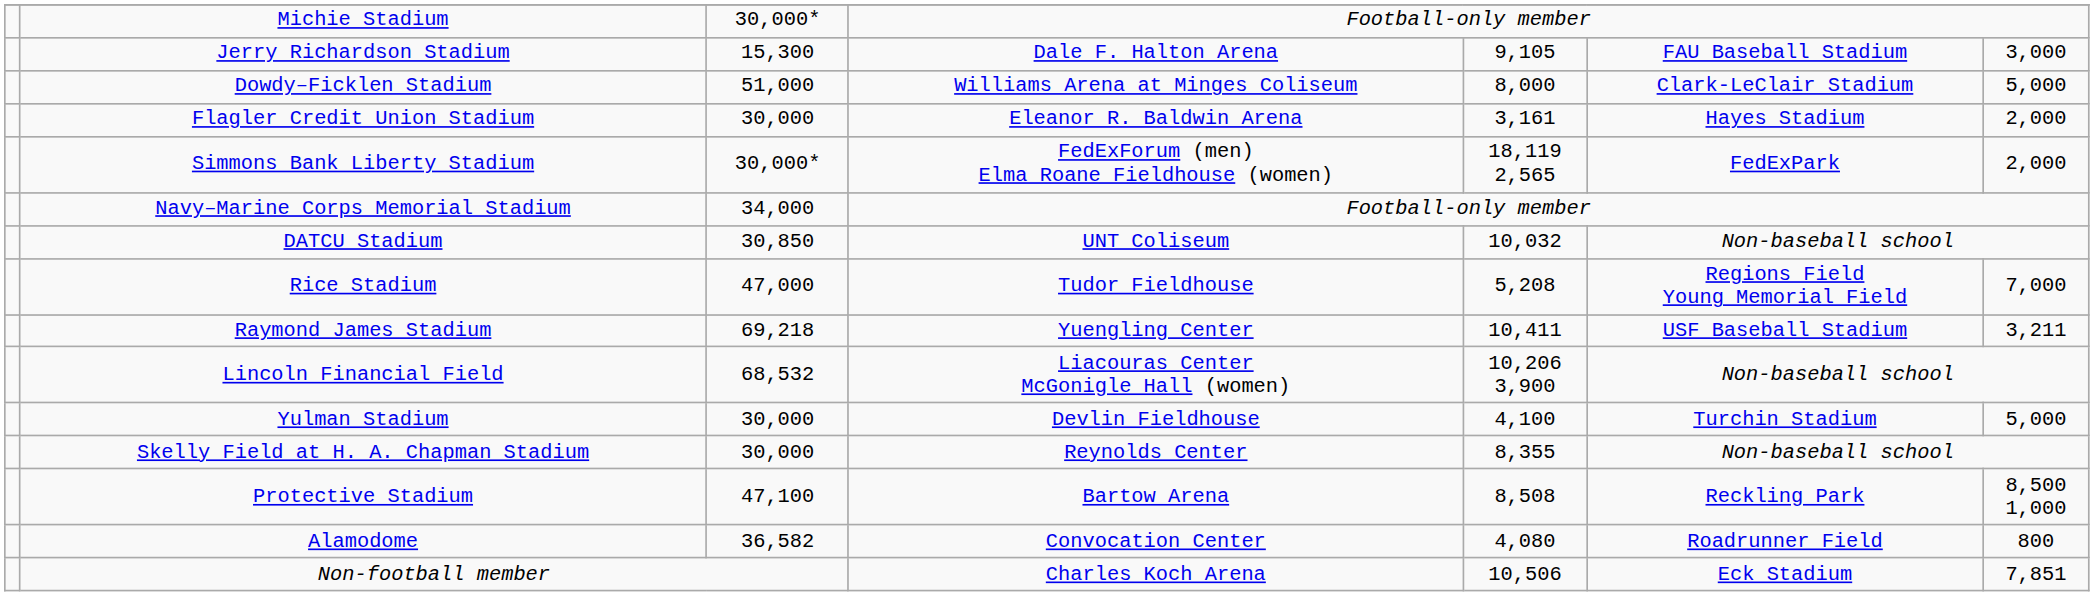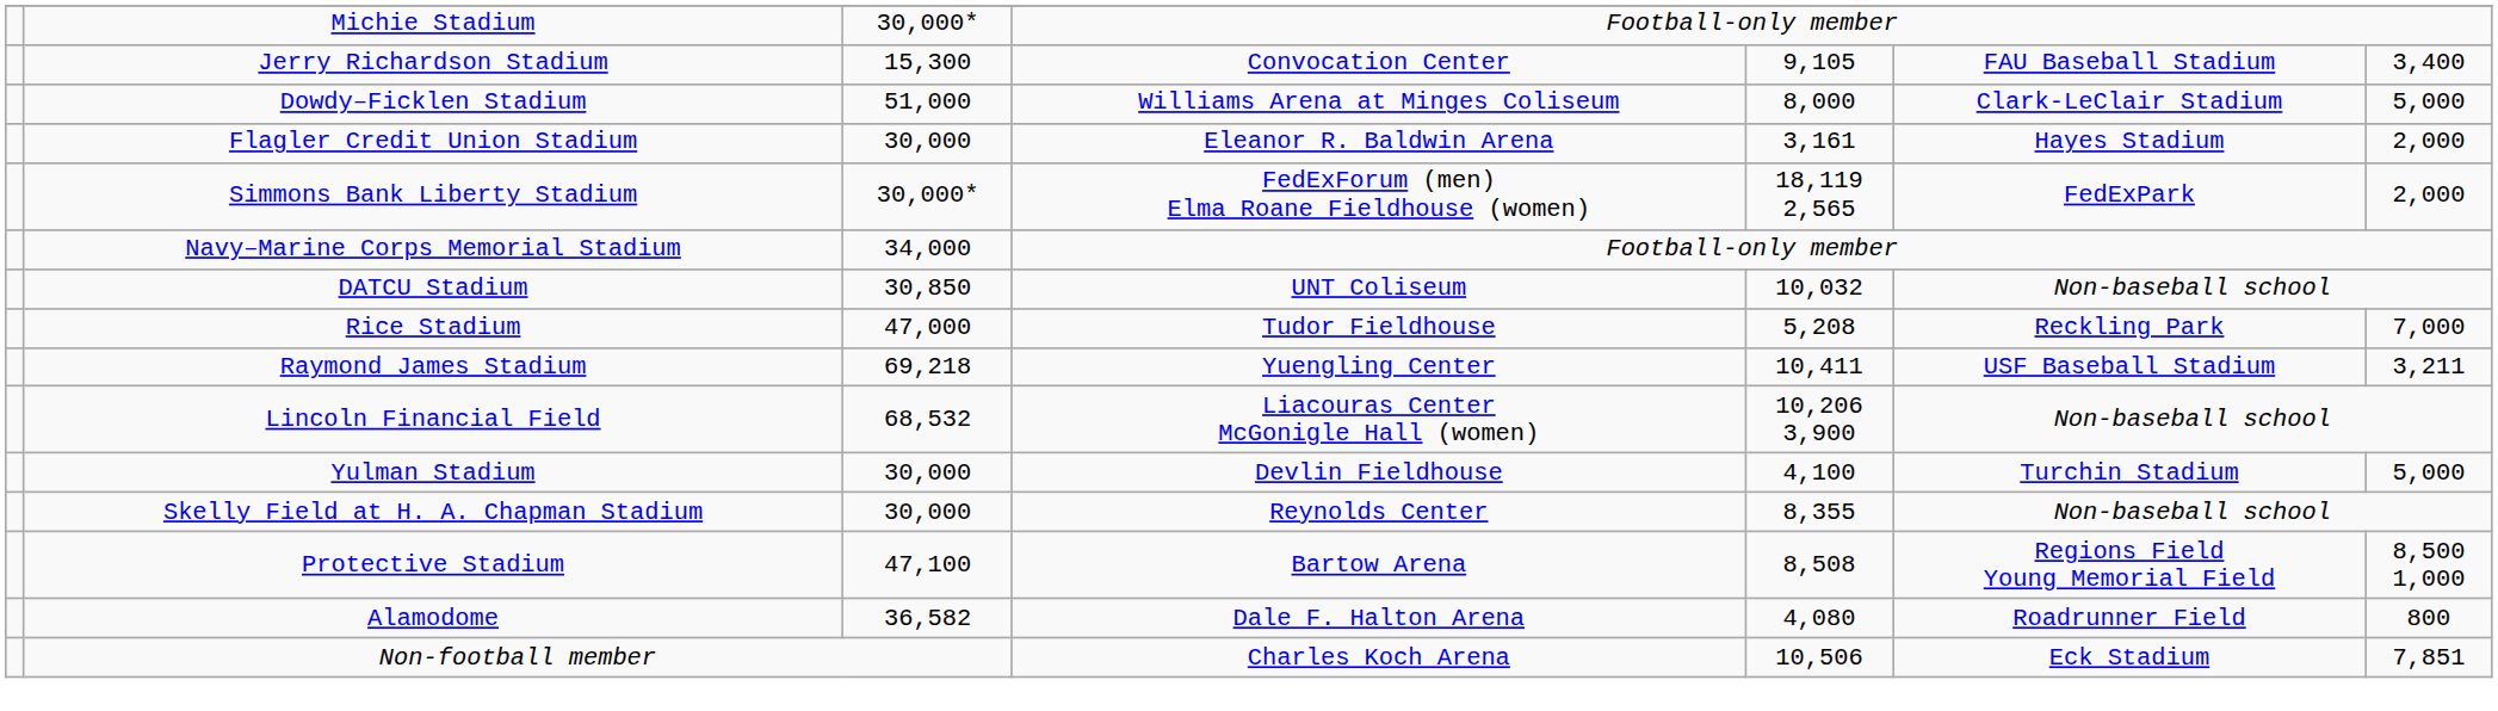 <table class="wikitable sortable" style="text-align:center; font-size:95%; width:100%">
 <tr>
 </tr>
 <tr>
 <td><a href='#'></a></td>
 <td><a href='#'>Michie Stadium</a></td>
 <td>30,000*</td>
 <td colspan=4 align=center><em>Football-only member</em></td>
 </tr>
 <tr>
 <td><a href='#'></a></td>
 <td><a href='#'>Jerry Richardson Stadium</a></td>
 <td>15,300</td>
-<td><a href='#'>Dale F. Halton Arena</a></td>
+<td><a href='#'>Convocation Center</a></td>
 <td>9,105</td>
 <td><a href='#'>FAU Baseball Stadium</a></td>
-<td>3,000</td>
+<td>3,400</td>
 </tr>
 <tr>
 <td><a href='#'></a></td>
 <td><a href='#'>Dowdy–Ficklen Stadium</a></td>
 <td>51,000</td>
 <td><a href='#'>Williams Arena at Minges Coliseum</a></td>
 <td>8,000</td>
 <td><a href='#'>Clark-LeClair Stadium</a></td>
 <td>5,000</td>
 </tr>
 <tr>
 <td><a href='#'></a></td>
 <td><a href='#'>Flagler Credit Union Stadium</a></td>
 <td>30,000</td>
 <td><a href='#'>Eleanor R. Baldwin Arena</a></td>
 <td>3,161</td>
 <td><a href='#'>Hayes Stadium</a></td>
 <td>2,000</td>
 </tr>
 <tr>
 <td><a href='#'></a></td>
 <td><a href='#'>Simmons Bank Liberty Stadium</a></td>
 <td>30,000*</td>
 <td><a href='#'>FedExForum</a> (men)<br><a href='#'>Elma Roane Fieldhouse</a> (women)</td>
 <td>18,119<br>2,565</td>
 <td><a href='#'>FedExPark</a></td>
 <td>2,000</td>
 </tr>
 <tr>
 <td><a href='#'></a></td>
 <td><a href='#'>Navy–Marine Corps Memorial Stadium</a></td>
 <td>34,000</td>
 <td colspan=4 align=center><em>Football-only member</em></td>
 </tr>
 <tr>
 <td><a href='#'></a></td>
 <td><a href='#'>DATCU Stadium</a></td>
 <td>30,850</td>
 <td><a href='#'>UNT Coliseum</a></td>
 <td>10,032</td>
 <td colspan=2 align=center><em>Non-baseball school</em></td>
 </tr>
 <tr>
 <td><a href='#'></a></td>
 <td><a href='#'>Rice Stadium</a></td>
 <td>47,000</td>
 <td><a href='#'>Tudor Fieldhouse</a></td>
 <td>5,208</td>
-<td><a href='#'>Regions Field</a><br><a href='#'>Young Memorial Field</a></td>
+<td><a href='#'>Reckling Park</a></td>
 <td>7,000</td>
 </tr>
 <tr>
 <td><a href='#'></a></td>
 <td><a href='#'>Raymond James Stadium</a></td>
 <td>69,218</td>
 <td><a href='#'>Yuengling Center</a></td>
 <td>10,411</td>
 <td><a href='#'>USF Baseball Stadium</a></td>
 <td>3,211</td>
 </tr>
 <tr>
 <td><a href='#'></a></td>
 <td><a href='#'>Lincoln Financial Field</a></td>
 <td>68,532</td>
 <td><a href='#'>Liacouras Center</a><br><a href='#'>McGonigle Hall</a> (women)</td>
 <td>10,206<br>3,900</td>
 <td colspan=2 style="text-align:center;"><em>Non-baseball school</em></td>
 </tr>
 <tr>
 <td><a href='#'></a></td>
 <td><a href='#'>Yulman Stadium</a></td>
 <td>30,000</td>
 <td><a href='#'>Devlin Fieldhouse</a></td>
 <td>4,100</td>
 <td><a href='#'>Turchin Stadium</a></td>
 <td>5,000</td>
 </tr>
 <tr>
 <td><a href='#'></a></td>
 <td><a href='#'>Skelly Field at H. A. Chapman Stadium</a></td>
 <td>30,000</td>
 <td><a href='#'>Reynolds Center</a></td>
 <td>8,355</td>
 <td colspan=2 "text-align:center:"><em>Non-baseball school</em></td>
 </tr>
 <tr>
 <td><a href='#'></a></td>
 <td><a href='#'>Protective Stadium</a></td>
 <td>47,100</td>
 <td><a href='#'>Bartow Arena</a></td>
 <td>8,508</td>
-<td><a href='#'>Reckling Park</a></td>
+<td><a href='#'>Regions Field</a><br><a href='#'>Young Memorial Field</a></td>
 <td>8,500<br>1,000</td>
 </tr>
 <tr>
 <td><a href='#'></a></td>
 <td><a href='#'>Alamodome</a></td>
 <td>36,582</td>
-<td><a href='#'>Convocation Center</a></td>
+<td><a href='#'>Dale F. Halton Arena</a></td>
 <td>4,080</td>
 <td><a href='#'>Roadrunner Field</a></td>
 <td>800</td>
 </tr>
 <tr>
 <td><a href='#'></a></td>
 <td colspan=2 style="text-align:center;"><em>Non-football member</em></td>
 <td><a href='#'>Charles Koch Arena</a></td>
 <td>10,506</td>
 <td><a href='#'>Eck Stadium</a></td>
 <td>7,851</td>
 </tr>
 </table>
